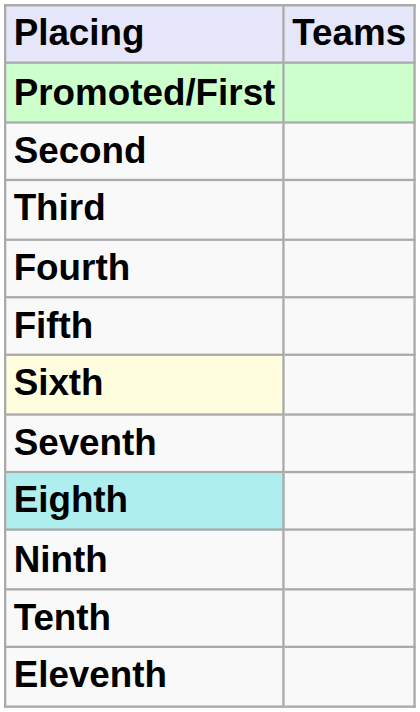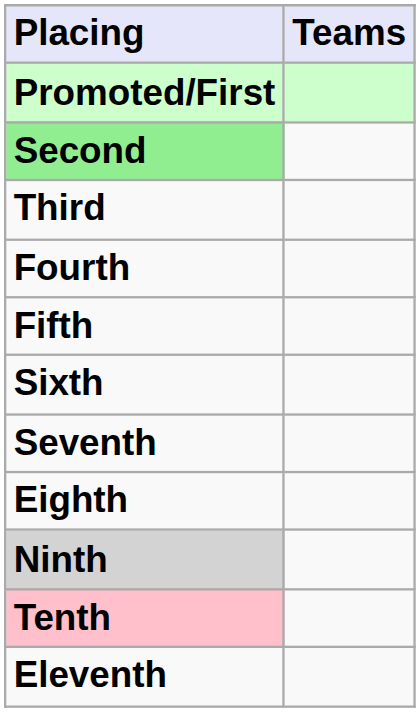 <table class=wikitable>
 <tr>
 </tr>
 <tr style="background: #E6E6FA;">
 <td><strong>Placing</strong></td>
 <td colspan="4" style="text-align:center"><strong>Teams</strong></td>
 </tr>
 <tr style="background: #ccffcc;">
 <td><strong>Promoted/First</strong></td>
 <td colspan=2><strong></strong></td>
 </tr>
 <tr>
-<td><strong>Second</strong></td>
+<td style="background: lightgreen;"><strong>Second</strong></td>
 <td colspan=2></td>
 </tr>
 <tr>
 <td><strong>Third</strong></td>
 <td colspan=2></td>
 </tr>
 <tr>
 <td><strong>Fourth</strong></td>
 <td colspan=2></td>
 </tr>
 <tr>
 <td><strong>Fifth</strong></td>
 <td colspan=2></td>
 </tr>
 <tr>
-<td style="background: lightyellow;"><strong>Sixth</strong></td>
+<td><strong>Sixth</strong></td>
 <td colspan=2></td>
 </tr>
 <tr>
 <td><strong>Seventh</strong></td>
 <td colspan=2></td>
 </tr>
 <tr>
-<td style="background: paleturquoise;"><strong>Eighth</strong></td>
+<td><strong>Eighth</strong></td>
 <td colspan=2></td>
 </tr>
 <tr>
-<td><strong>Ninth</strong></td>
+<td style="background: lightgrey;"><strong>Ninth</strong></td>
 <td colspan=2></td>
 </tr>
 <tr>
-<td><strong>Tenth</strong></td>
+<td style="background: pink;"><strong>Tenth</strong></td>
 <td colspan=2></td>
 </tr>
 <tr>
 <td><strong>Eleventh</strong></td>
 <td colspan=2></td>
 </tr>
 </table>
